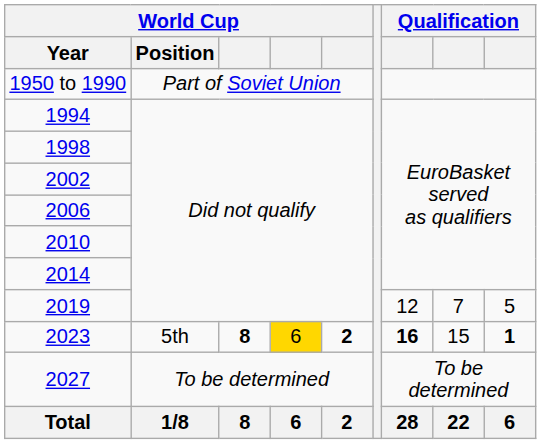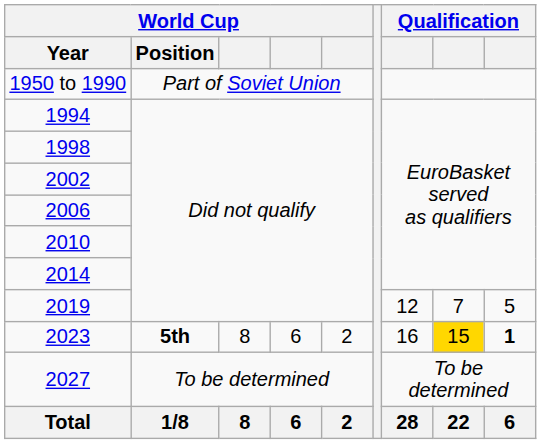 <table class="wikitable" style="text-align: center;font-size:90%;">
 <tr>
 <th colspan=5><a href='#'>World Cup</a></th>
 <th rowspan=13></th>
 <th colspan=3><a href='#'>Qualification</a></th>
 </tr>
 <tr>
 <th>Year</th>
 <th>Position</th>
 <th width=30></th>
 <th width=30></th>
 <th width=30></th>
 <th width=30></th>
 <th width=30></th>
 <th width=30></th>
 </tr>
 <tr>
 <td><a href='#'>1950</a> to <a href='#'>1990</a></td>
 <td colspan=4><em>Part of <a href='#'>Soviet Union</a></em></td>
 </tr>
 <tr>
 <td> <a href='#'>1994</a></td>
 <td colspan=4 rowspan=7><em>Did not qualify</em></td>
 <td colspan=3 rowspan=6><em>EuroBasket served<br>as qualifiers</em></td>
 </tr>
 <tr>
 <td> <a href='#'>1998</a></td>
 </tr>
 <tr>
 <td> <a href='#'>2002</a></td>
 </tr>
 <tr>
 <td> <a href='#'>2006</a></td>
 </tr>
 <tr>
 <td> <a href='#'>2010</a></td>
 </tr>
 <tr>
 <td> <a href='#'>2014</a></td>
 </tr>
 <tr>
 <td> <a href='#'>2019</a></td>
 <td>12</td>
 <td>7</td>
 <td>5</td>
 </tr>
 <tr>
 <td> <a href='#'>2023</a></td>
-<td>5th</td>
-<td><strong>8</strong></td>
-<td style="background: gold;">6</td>
-<td><strong>2</strong></td>
-<td><strong>16</strong></td>
-<td>15</td>
+<td><strong>5th</strong></td>
+<td>8</td>
+<td>6</td>
+<td>2</td>
+<td>16</td>
+<td style="background: gold;">15</td>
 <td><strong>1</strong></td>
 </tr>
 <tr>
 <td> <a href='#'>2027</a></td>
 <td colspan=4><em>To be determined</em></td>
 <td colspan=3><em>To be determined</em></td>
 </tr>
 <tr>
 <th>Total</th>
 <th>1/8</th>
 <th>8</th>
 <th>6</th>
 <th>2</th>
 <th>28</th>
 <th>22</th>
 <th>6</th>
 </tr>
 </table>
